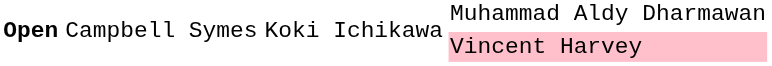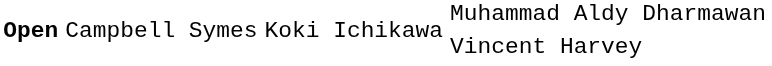 <table>
 <tr>
 <th scope=row rowspan=2>Open</th>
 <td rowspan=2> Campbell Symes</td>
 <td rowspan=2> Koki Ichikawa</td>
 <td> Muhammad Aldy Dharmawan</td>
 </tr>
 <tr>
-<td style="background: pink;"> Vincent Harvey</td>
+<td> Vincent Harvey</td>
 </tr>
 <tr>
 </tr>
 </table>
